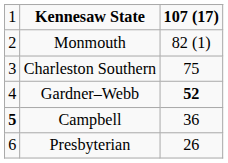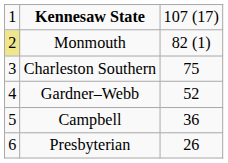 <table class="wikitable">
 <tr align="center">
 </tr>
 <tr align="center">
 <td>1</td>
 <td><strong>Kennesaw State</strong></td>
-<td><strong>107 (17)</strong></td>
+<td>107 (17)</td>
 </tr>
 <tr align="center">
-<td>2</td>
+<td style="background: khaki;">2</td>
 <td>Monmouth</td>
 <td>82 (1)</td>
 </tr>
 <tr align="center">
 <td>3</td>
 <td>Charleston Southern</td>
 <td>75</td>
 </tr>
 <tr align="center">
 <td>4</td>
 <td>Gardner–Webb</td>
-<td><strong>52</strong></td>
+<td>52</td>
 </tr>
 <tr align="center">
-<td><strong>5</strong></td>
+<td>5</td>
 <td>Campbell</td>
 <td>36</td>
 </tr>
 <tr align="center">
 <td>6</td>
 <td>Presbyterian</td>
 <td>26</td>
 </tr>
 </table>
